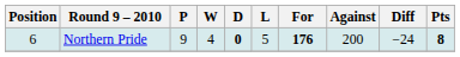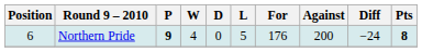 <table class="wikitable" style="text-align:center; font-size:85%;">
 <tr>
 <th width=40 abbr="Position">Position</th>
 <th width=100>Round 9 – 2010</th>
 <th width=20 abbr="Played">P</th>
 <th width=20 abbr="Won">W</th>
 <th width=20 abbr="Drawn">D</th>
 <th width=20 abbr="Lost">L</th>
 <th width=40 abbr="Points for">For</th>
 <th width=40 abbr="Points against">Against</th>
 <th width=40 abbr="Points difference">Diff</th>
 <th width=20 abbr="Points">Pts</th>
 </tr>
 <tr style="background: #d7ebed;">
 <td>6</td>
 <td style="text-align:left;"> <a href='#'>Northern Pride</a></td>
-<td>9</td>
+<td><strong>9</strong></td>
 <td>4</td>
-<td><strong>0</strong></td>
+<td>0</td>
 <td>5</td>
-<td><strong>176</strong></td>
+<td>176</td>
 <td>200</td>
 <td>−24</td>
 <td><strong>8</strong></td>
 </tr>
 <tr>
 </tr>
 </table>
